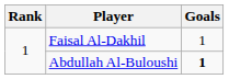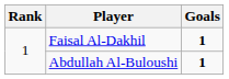 <table class="wikitable" style="text-align: left;">
 <tr>
 <th>Rank</th>
 <th>Player</th>
 <th>Goals</th>
 </tr>
 <tr>
 <td rowspan=2 align=center>1</td>
 <td><a href='#'>Faisal Al-Dakhil</a></td>
-<td align=center>1</td>
+<td align=center><strong>1</strong></td>
 </tr>
 <tr>
 <td><a href='#'>Abdullah Al-Buloushi</a></td>
 <td align=center><strong>1</strong></td>
 </tr>
 </table>
